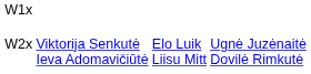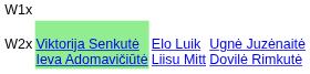 <table>
 <tr>
 <td>W1x</td>
 <td></td>
 <td></td>
 <td></td>
 </tr>
 <tr>
 <td>W2x</td>
-<td><br><a href='#'>Viktorija Senkutė</a><br><a href='#'>Ieva Adomavičiūtė</a></td>
+<td style="background: lightgreen;"><br><a href='#'>Viktorija Senkutė</a><br><a href='#'>Ieva Adomavičiūtė</a></td>
 <td><br><a href='#'>Elo Luik</a><br><a href='#'>Liisu Mitt</a></td>
 <td><br><a href='#'>Ugnė Juzėnaitė</a><br><a href='#'>Dovilė Rimkutė</a></td>
 </tr>
 </table>
